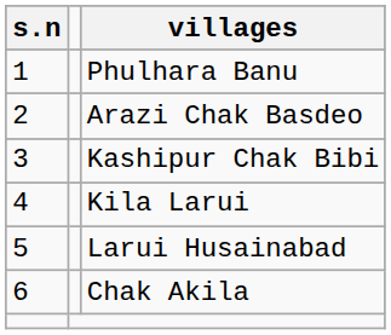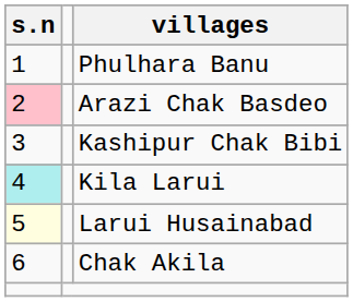 <table class="wikitable">
 <tr>
 <th>s.n</th>
 <td></td>
 <th>villages</th>
 </tr>
 <tr>
 <td>1</td>
 <td></td>
 <td>Phulhara Banu</td>
 </tr>
 <tr>
-<td>2</td>
+<td style="background: pink;">2</td>
 <td></td>
 <td>Arazi Chak Basdeo</td>
 </tr>
 <tr>
 <td>3</td>
 <td></td>
 <td>Kashipur Chak Bibi</td>
 </tr>
 <tr>
-<td>4</td>
+<td style="background: paleturquoise;">4</td>
 <td></td>
 <td>Kila Larui</td>
 </tr>
 <tr>
-<td>5</td>
+<td style="background: lightyellow;">5</td>
 <td></td>
 <td>Larui Husainabad</td>
 </tr>
 <tr>
 <td>6</td>
 <td></td>
 <td>Chak Akila</td>
 </tr>
 <tr>
 <td></td>
 </tr>
 </table>
